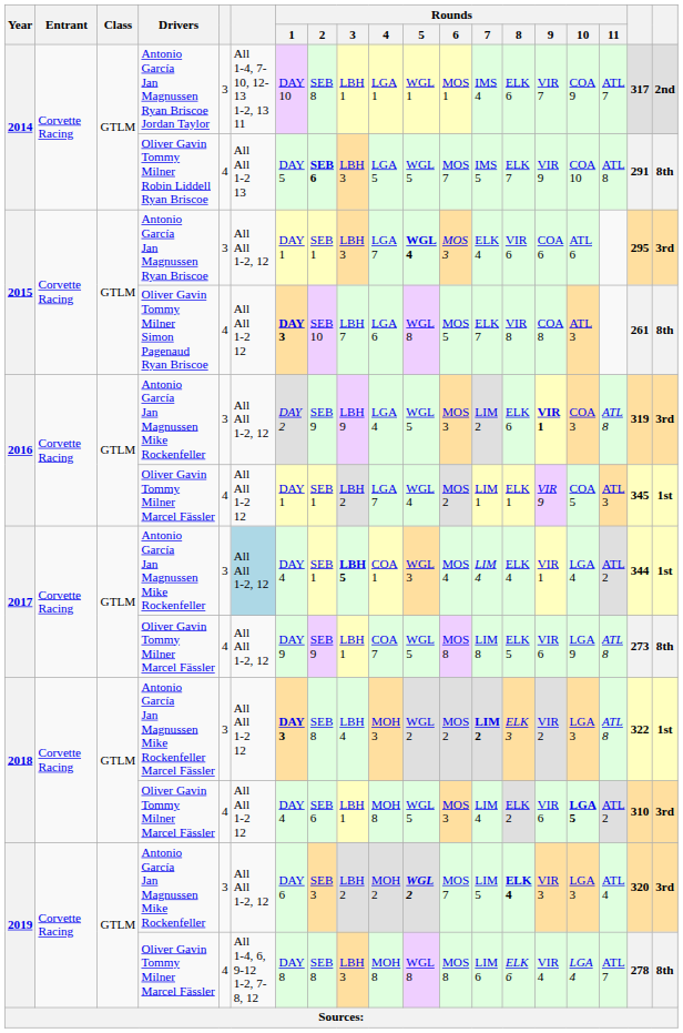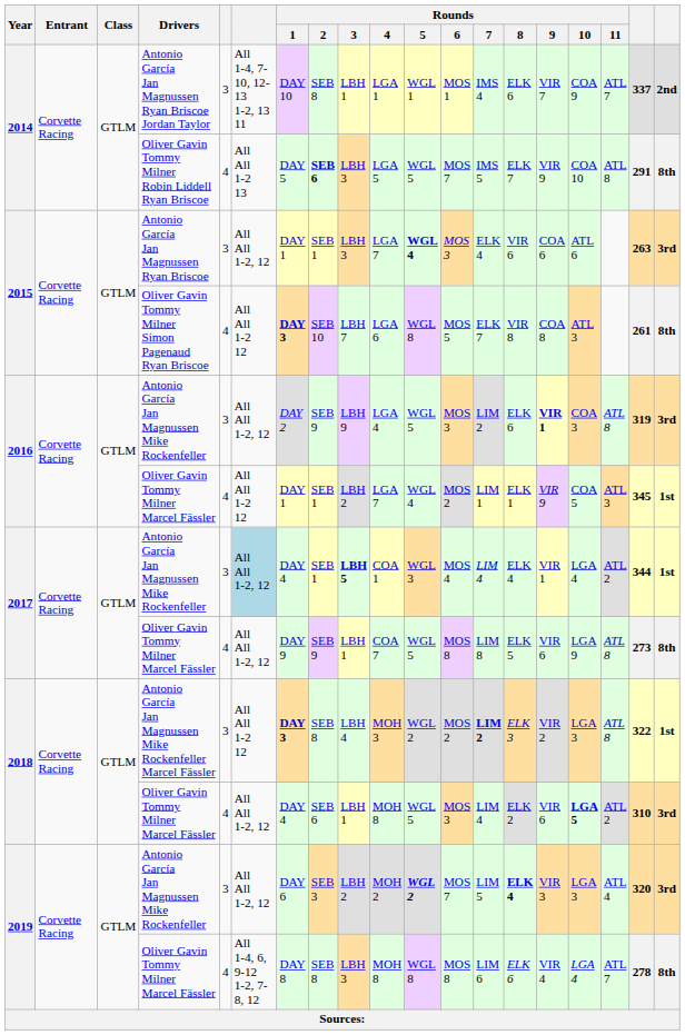 <table class="wikitable">
 <tr>
 <th rowspan="2">Year</th>
 <th rowspan="2">Entrant</th>
 <th rowspan="2">Class</th>
 <th rowspan="2">Drivers</th>
 <th rowspan="2"></th>
 <th rowspan="2"></th>
 <th colspan="11">Rounds</th>
 <th rowspan="2"></th>
 <th rowspan="2"></th>
 </tr>
 <tr>
 <th>1</th>
 <th>2</th>
 <th>3</th>
 <th>4</th>
 <th>5</th>
 <th>6</th>
 <th>7</th>
 <th>8</th>
 <th>9</th>
 <th>10</th>
 <th>11</th>
 </tr>
 <tr>
 <th rowspan="2"><a href='#'>2014</a></th>
 <td rowspan="2"> <a href='#'>Corvette Racing</a></td>
 <td rowspan="2">GTLM</td>
 <td> <a href='#'>Antonio García</a><br> <a href='#'>Jan Magnussen</a><br> <a href='#'>Ryan Briscoe</a><br> <a href='#'>Jordan Taylor</a></td>
 <td>3</td>
 <td>All<br>1-4, 7-10, 12-13<br>1-2, 13<br>11</td>
 <td style="background:#efcfff;"><a href='#'>DAY</a><br>10</td>
 <td style="background:#dfffdf;"><a href='#'>SEB</a><br>8</td>
 <td style="background:#FFFFBF;"><a href='#'>LBH</a><br>1</td>
 <td style="background:#FFFFBF;"><a href='#'>LGA</a><br>1</td>
 <td style="background:#FFFFBF;"><a href='#'>WGL</a><br>1</td>
 <td style="background:#FFFFBF;"><a href='#'>MOS</a><br>1</td>
 <td style="background:#dfffdf;"><a href='#'>IMS</a><br>4</td>
 <td style="background:#dfffdf;"><a href='#'>ELK</a><br>6</td>
 <td style="background:#dfffdf;"><a href='#'>VIR</a><br>7</td>
 <td style="background:#dfffdf;"><a href='#'>COA</a><br>9</td>
 <td style="background:#dfffdf;"><a href='#'>ATL</a><br>7</td>
-<th style="background:#DFDFDF;”">317</th>
+<th style="background:#DFDFDF;”">337</th>
 <th style="background:#DFDFDF;”">2nd</th>
 </tr>
 <tr>
 <td> <a href='#'>Oliver Gavin</a><br> <a href='#'>Tommy Milner</a><br> <a href='#'>Robin Liddell</a><br> <a href='#'>Ryan Briscoe</a></td>
 <td>4</td>
 <td>All<br>All<br>1-2<br>13</td>
 <td style="background:#dfffdf;"><a href='#'>DAY</a><br>5</td>
 <td style="background:#dfffdf;"><strong><a href='#'>SEB</a><br>6</strong></td>
 <td style="background:#ffdf9f;"><a href='#'>LBH</a><br>3</td>
 <td style="background:#dfffdf;"><a href='#'>LGA</a><br>5</td>
 <td style="background:#dfffdf;"><a href='#'>WGL</a><br>5</td>
 <td style="background:#dfffdf;"><a href='#'>MOS</a><br>7</td>
 <td style="background:#dfffdf;"><a href='#'>IMS</a><br>5</td>
 <td style="background:#dfffdf;"><a href='#'>ELK</a><br>7</td>
 <td style="background:#dfffdf;"><a href='#'>VIR</a><br>9</td>
 <td style="background:#dfffdf;"><a href='#'>COA</a><br>10</td>
 <td style="background:#dfffdf;"><a href='#'>ATL</a><br>8</td>
 <th>291</th>
 <th>8th</th>
 </tr>
 <tr>
 <th rowspan="2"><a href='#'>2015</a></th>
 <td rowspan="2"> <a href='#'>Corvette Racing</a></td>
 <td rowspan="2">GTLM</td>
 <td> <a href='#'>Antonio García</a><br> <a href='#'>Jan Magnussen</a><br> <a href='#'>Ryan Briscoe</a></td>
 <td>3</td>
 <td>All<br>All<br>1-2, 12</td>
 <td style="background:#FFFFBF;"><a href='#'>DAY</a><br>1</td>
 <td style="background:#FFFFBF;"><a href='#'>SEB</a><br>1</td>
 <td style="background:#ffdf9f;"><a href='#'>LBH</a><br>3</td>
 <td style="background:#dfffdf;"><a href='#'>LGA</a><br>7</td>
 <td style="background:#dfffdf;"><strong><a href='#'>WGL</a><br>4</strong></td>
 <td style="background:#ffdf9f;"><em><a href='#'>MOS</a><br>3</em></td>
 <td style="background:#dfffdf;"><a href='#'>ELK</a><br>4</td>
 <td style="background:#dfffdf;"><a href='#'>VIR</a><br>6</td>
 <td style="background:#dfffdf;"><a href='#'>COA</a><br>6</td>
 <td style="background:#dfffdf;"><a href='#'>ATL</a><br>6</td>
 <td></td>
-<th style="background:#FFDF9F;”">295</th>
+<th style="background:#FFDF9F;”">263</th>
 <th style="background:#FFDF9F;”">3rd</th>
 </tr>
 <tr>
 <td> <a href='#'>Oliver Gavin</a><br> <a href='#'>Tommy Milner</a><br> <a href='#'>Simon Pagenaud</a><br> <a href='#'>Ryan Briscoe</a></td>
 <td>4</td>
 <td>All<br>All<br>1-2<br>12</td>
 <td style="background:#ffdf9f;"><strong><a href='#'>DAY</a><br>3</strong></td>
 <td style="background:#efcfff;"><a href='#'>SEB</a><br>10</td>
 <td style="background:#dfffdf;"><a href='#'>LBH</a><br>7</td>
 <td style="background:#dfffdf;"><a href='#'>LGA</a><br>6</td>
 <td style="background:#efcfff;"><a href='#'>WGL</a><br>8</td>
 <td style="background:#dfffdf;"><a href='#'>MOS</a><br>5</td>
 <td style="background:#dfffdf;"><a href='#'>ELK</a><br>7</td>
 <td style="background:#dfffdf;"><a href='#'>VIR</a><br>8</td>
 <td style="background:#dfffdf;"><a href='#'>COA</a><br>8</td>
 <td style="background:#ffdf9f;"><a href='#'>ATL</a><br>3</td>
 <td></td>
 <th>261</th>
 <th>8th</th>
 </tr>
 <tr>
 <th rowspan="2"><a href='#'>2016</a></th>
 <td rowspan="2"> <a href='#'>Corvette Racing</a></td>
 <td rowspan="2">GTLM</td>
 <td> <a href='#'>Antonio García</a><br> <a href='#'>Jan Magnussen</a><br> <a href='#'>Mike Rockenfeller</a></td>
 <td>3</td>
 <td>All<br>All<br>1-2, 12</td>
 <td style="background:#DFDFDF;”"><em><a href='#'>DAY</a><br>2</em></td>
 <td style="background:#dfffdf;"><a href='#'>SEB</a><br>9</td>
 <td style="background:#efcfff;"><a href='#'>LBH</a><br>9</td>
 <td style="background:#dfffdf;"><a href='#'>LGA</a><br>4</td>
 <td style="background:#dfffdf;"><a href='#'>WGL</a><br>5</td>
 <td style="background:#ffdf9f;"><a href='#'>MOS</a><br>3</td>
 <td style="background:#DFDFDF;”"><a href='#'>LIM</a><br>2</td>
 <td style="background:#dfffdf;"><a href='#'>ELK</a><br>6</td>
 <td style="background:#FFFFBF;"><strong><a href='#'>VIR</a><br>1</strong></td>
 <td style="background:#ffdf9f;"><a href='#'>COA</a><br>3</td>
 <td style="background:#dfffdf;"><em><a href='#'>ATL</a><br>8</em></td>
 <th style="background:#FFDF9F;”">319</th>
 <th style="background:#FFDF9F;”">3rd</th>
 </tr>
 <tr>
 <td> <a href='#'>Oliver Gavin</a><br> <a href='#'>Tommy Milner</a><br> <a href='#'>Marcel Fässler</a></td>
 <td>4</td>
 <td>All<br>All<br>1-2<br>12</td>
 <td style="background:#FFFFBF;"><a href='#'>DAY</a><br>1</td>
 <td style="background:#FFFFBF;"><a href='#'>SEB</a><br>1</td>
 <td style="background:#DFDFDF;”"><a href='#'>LBH</a><br>2</td>
 <td style="background:#dfffdf;"><a href='#'>LGA</a><br>7</td>
 <td style="background:#dfffdf;"><a href='#'>WGL</a><br>4</td>
 <td style="background:#DFDFDF;”"><a href='#'>MOS</a><br>2</td>
 <td style="background:#FFFFBF;"><a href='#'>LIM</a><br>1</td>
 <td style="background:#FFFFBF;"><a href='#'>ELK</a><br>1</td>
 <td style="background:#efcfff;"><em><a href='#'>VIR</a><br>9</em></td>
 <td style="background:#dfffdf;"><a href='#'>COA</a><br>5</td>
 <td style="background:#ffdf9f;"><a href='#'>ATL</a><br>3</td>
 <th style="background:#FFFFBF;”">345</th>
 <th style="background:#FFFFBF;”">1st</th>
 </tr>
 <tr>
 <th rowspan="2"><a href='#'>2017</a></th>
 <td rowspan="2"> <a href='#'>Corvette Racing</a></td>
 <td rowspan="2">GTLM</td>
 <td> <a href='#'>Antonio García</a><br> <a href='#'>Jan Magnussen</a><br> <a href='#'>Mike Rockenfeller</a></td>
 <td>3</td>
 <td style="background: lightblue;">All<br>All<br>1-2, 12</td>
 <td style="background:#dfffdf;"><a href='#'>DAY</a><br>4</td>
 <td style="background:#FFFFBF;"><a href='#'>SEB</a><br>1</td>
 <td style="background:#dfffdf;"><strong><a href='#'>LBH</a><br>5</strong></td>
 <td style="background:#FFFFBF;"><a href='#'>COA</a><br>1</td>
 <td style="background:#ffdf9f;"><a href='#'>WGL</a><br>3</td>
 <td style="background:#dfffdf;"><a href='#'>MOS</a><br>4</td>
 <td style="background:#dfffdf;"><em><a href='#'>LIM</a><br>4</em></td>
 <td style="background:#dfffdf;"><a href='#'>ELK</a><br>4</td>
 <td style="background:#FFFFBF;"><a href='#'>VIR</a><br>1</td>
 <td style="background:#dfffdf;"><a href='#'>LGA</a><br>4</td>
 <td style="background:#DFDFDF;”"><a href='#'>ATL</a><br>2</td>
 <th style="background:#FFFFBF;”">344</th>
 <th style="background:#FFFFBF;”">1st</th>
 </tr>
 <tr>
 <td> <a href='#'>Oliver Gavin</a><br> <a href='#'>Tommy Milner</a><br> <a href='#'>Marcel Fässler</a></td>
 <td>4</td>
 <td>All<br>All<br>1-2, 12</td>
 <td style="background:#dfffdf;"><a href='#'>DAY</a><br>9</td>
 <td style="background:#efcfff;"><a href='#'>SEB</a><br>9</td>
 <td style="background:#FFFFBF;"><a href='#'>LBH</a><br>1</td>
 <td style="background:#dfffdf;"><a href='#'>COA</a><br>7</td>
 <td style="background:#dfffdf;"><a href='#'>WGL</a><br>5</td>
 <td style="background:#efcfff;"><a href='#'>MOS</a><br>8</td>
 <td style="background:#dfffdf;"><a href='#'>LIM</a><br>8</td>
 <td style="background:#dfffdf;"><a href='#'>ELK</a><br>5</td>
 <td style="background:#dfffdf;"><a href='#'>VIR</a><br>6</td>
 <td style="background:#dfffdf;"><a href='#'>LGA</a><br>9</td>
 <td style="background:#dfffdf;"><em><a href='#'>ATL</a><br>8</em></td>
 <th>273</th>
 <th>8th</th>
 </tr>
 <tr>
 <th rowspan="2"><a href='#'>2018</a></th>
 <td rowspan="2"> <a href='#'>Corvette Racing</a></td>
 <td rowspan="2">GTLM</td>
 <td> <a href='#'>Antonio García</a><br> <a href='#'>Jan Magnussen</a><br> <a href='#'>Mike Rockenfeller</a><br> <a href='#'>Marcel Fässler</a></td>
 <td>3</td>
 <td>All<br>All<br>1-2<br>12</td>
 <td style="background:#FFDF9F;”"><strong><a href='#'>DAY</a><br>3</strong></td>
 <td style="background:#dfffdf;"><a href='#'>SEB</a><br>8</td>
 <td style="background:#dfffdf;"><a href='#'>LBH</a><br>4</td>
 <td style="background:#FFDF9F;”"><a href='#'>MOH</a><br>3</td>
 <td style="background:#DFDFDF;”"><a href='#'>WGL</a><br>2</td>
 <td style="background:#DFDFDF;”"><a href='#'>MOS</a><br>2</td>
 <td style="background:#DFDFDF;”"><strong><a href='#'>LIM</a><br>2</strong></td>
 <td style="background:#FFDF9F;”"><em><a href='#'>ELK</a><br>3</em></td>
 <td style="background:#DFDFDF;”"><a href='#'>VIR</a><br>2</td>
 <td style="background:#FFDF9F;”"><a href='#'>LGA</a><br>3</td>
 <td style="background:#dfffdf;"><em><a href='#'>ATL</a><br>8</em></td>
 <th style="background:#FFFFBF;”">322</th>
 <th style="background:#FFFFBF;”">1st</th>
 </tr>
 <tr>
 <td> <a href='#'>Oliver Gavin</a><br> <a href='#'>Tommy Milner</a><br> <a href='#'>Marcel Fässler</a></td>
 <td>4</td>
-<td>All<br>All<br>1-2<br>12</td>
+<td>All<br>All<br>1-2, 12</td>
 <td style="background:#dfffdf;"><a href='#'>DAY</a><br>4</td>
 <td style="background:#dfffdf;"><a href='#'>SEB</a><br>6</td>
 <td style="background:#FFFFBF;"><a href='#'>LBH</a><br>1</td>
 <td style="background:#dfffdf;"><a href='#'>MOH</a><br>8</td>
 <td style="background:#dfffdf;"><a href='#'>WGL</a><br>5</td>
 <td style="background:#FFDF9F;”"><a href='#'>MOS</a><br>3</td>
 <td style="background:#dfffdf;"><a href='#'>LIM</a><br>4</td>
 <td style="background:#DFDFDF;”"><a href='#'>ELK</a><br>2</td>
 <td style="background:#dfffdf;"><a href='#'>VIR</a><br>6</td>
 <td style="background:#dfffdf;"><strong><a href='#'>LGA</a><br>5</strong></td>
 <td style="background:#DFDFDF;”"><a href='#'>ATL</a><br>2</td>
 <th style="background:#FFDF9F;”">310</th>
 <th style="background:#FFDF9F;”">3rd</th>
 </tr>
 <tr>
 <th rowspan="2"><a href='#'>2019</a></th>
 <td rowspan="2"> <a href='#'>Corvette Racing</a></td>
 <td rowspan="2">GTLM</td>
 <td> <a href='#'>Antonio García</a><br> <a href='#'>Jan Magnussen</a><br> <a href='#'>Mike Rockenfeller</a></td>
 <td>3</td>
 <td>All<br>All<br>1-2, 12</td>
 <td style="background:#dfffdf;"><a href='#'>DAY</a><br>6</td>
 <td style="background:#FFDF9F;”"><a href='#'>SEB</a><br>3</td>
 <td style="background:#DFDFDF;”"><a href='#'>LBH</a><br>2</td>
 <td style="background:#DFDFDF;”"><a href='#'>MOH</a><br>2</td>
 <td style="background:#DFDFDF;”"><strong><em><a href='#'>WGL</a><br>2</em></strong></td>
 <td style="background:#dfffdf;"><a href='#'>MOS</a><br>7</td>
 <td style="background:#dfffdf;"><a href='#'>LIM</a><br>5</td>
 <td style="background:#dfffdf;"><strong><a href='#'>ELK</a><br>4</strong></td>
 <td style="background:#FFDF9F;”"><a href='#'>VIR</a><br>3</td>
 <td style="background:#FFDF9F;”"><a href='#'>LGA</a><br>3</td>
 <td style="background:#dfffdf;"><a href='#'>ATL</a><br>4</td>
 <th style="background:#FFDF9F;”">320</th>
 <th style="background:#FFDF9F;”">3rd</th>
 </tr>
 <tr>
 <td> <a href='#'>Oliver Gavin</a><br> <a href='#'>Tommy Milner</a><br> <a href='#'>Marcel Fässler</a></td>
 <td>4</td>
 <td>All<br>1-4, 6, 9-12<br>1-2, 7-8, 12</td>
 <td style="background:#dfffdf;"><a href='#'>DAY</a><br>8</td>
 <td style="background:#dfffdf;"><a href='#'>SEB</a><br>8</td>
 <td style="background:#FFDF9F;”"><a href='#'>LBH</a><br>3</td>
 <td style="background:#dfffdf;"><a href='#'>MOH</a><br>8</td>
 <td style="background:#efcfff;"><a href='#'>WGL</a><br>8</td>
 <td style="background:#dfffdf;"><a href='#'>MOS</a><br>8</td>
 <td style="background:#dfffdf;"><a href='#'>LIM</a><br>6</td>
 <td style="background:#dfffdf;"><em><a href='#'>ELK</a><br>6</em></td>
 <td style="background:#dfffdf;"><a href='#'>VIR</a><br>4</td>
 <td style="background:#dfffdf;"><em><a href='#'>LGA</a><br>4</em></td>
 <td style="background:#dfffdf;"><a href='#'>ATL</a><br>7</td>
 <th>278</th>
 <th>8th</th>
 </tr>
 <tr>
 <th colspan="19">Sources:</th>
 </tr>
 </table>
